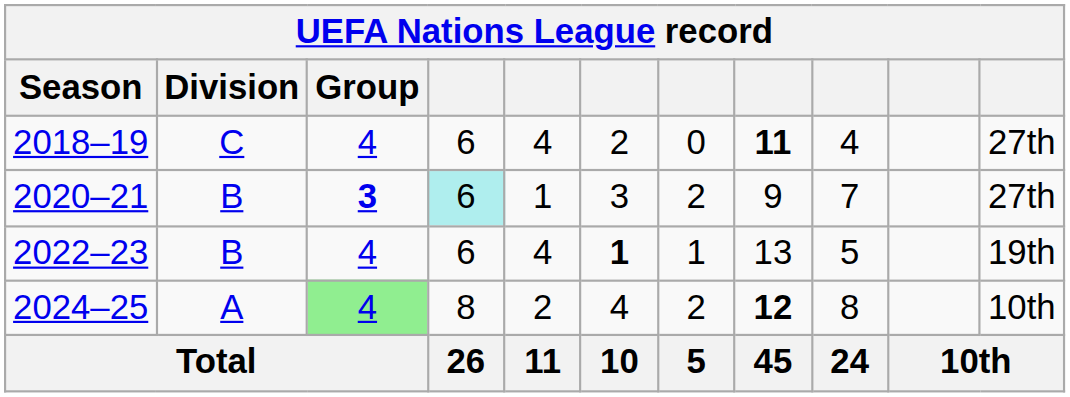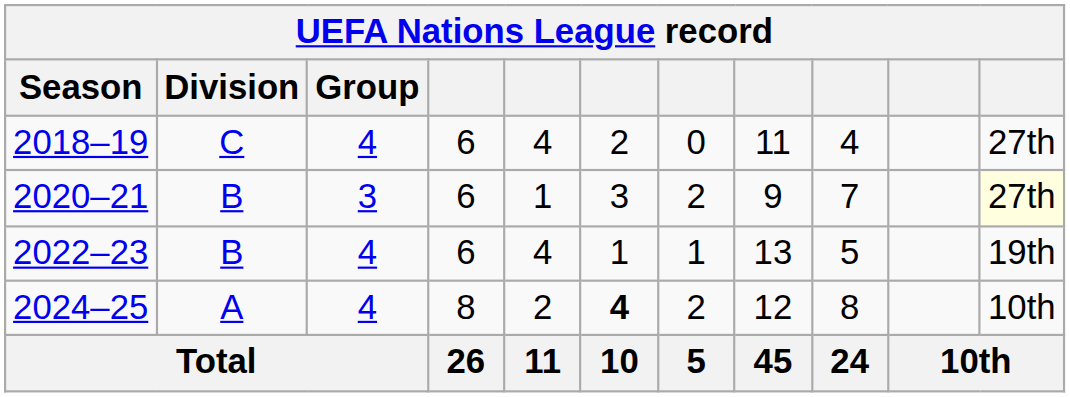 <table class="wikitable" style="text-align:center;">
 <tr>
 <th colspan=11><a href='#'>UEFA Nations League</a> record</th>
 </tr>
 <tr>
 <th>Season</th>
 <th>Division</th>
 <th>Group</th>
 <th width=28></th>
 <th width=28></th>
 <th width=28></th>
 <th width=28></th>
 <th width=28></th>
 <th width=28></th>
 <th width=35></th>
 <th width=28></th>
 </tr>
 <tr>
 <td><a href='#'>2018–19</a></td>
 <td><a href='#'>C</a></td>
 <td><a href='#'>4</a></td>
 <td>6</td>
 <td>4</td>
 <td>2</td>
 <td>0</td>
-<td><strong>11</strong></td>
+<td>11</td>
 <td>4</td>
 <td></td>
 <td>27th</td>
 </tr>
 <tr>
 <td><a href='#'>2020–21</a></td>
 <td><a href='#'>B</a></td>
-<td><strong><a href='#'>3</a></strong></td>
-<td style="background: paleturquoise;">6</td>
+<td><a href='#'>3</a></td>
+<td>6</td>
 <td>1</td>
 <td>3</td>
 <td>2</td>
 <td>9</td>
 <td>7</td>
 <td></td>
-<td>27th</td>
+<td style="background: lightyellow;">27th</td>
 </tr>
 <tr>
 <td><a href='#'>2022–23</a></td>
 <td><a href='#'>B</a></td>
 <td><a href='#'>4</a></td>
 <td>6</td>
 <td>4</td>
-<td><strong>1</strong></td>
+<td>1</td>
 <td>1</td>
 <td>13</td>
 <td>5</td>
 <td></td>
 <td>19th</td>
 </tr>
 <tr>
 <td><a href='#'>2024–25</a></td>
 <td><a href='#'>A</a></td>
-<td style="background: lightgreen;"><a href='#'>4</a></td>
+<td><a href='#'>4</a></td>
 <td>8</td>
 <td>2</td>
-<td>4</td>
+<td><strong>4</strong></td>
 <td>2</td>
-<td><strong>12</strong></td>
+<td>12</td>
 <td>8</td>
 <td></td>
 <td>10th</td>
 </tr>
 <tr>
 <th colspan=3><strong>Total</strong></th>
 <th>26</th>
 <th>11</th>
 <th>10</th>
 <th>5</th>
 <th>45</th>
 <th>24</th>
 <th colspan=2>10th</th>
 </tr>
 </table>
